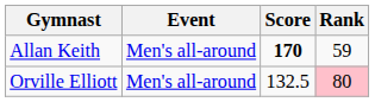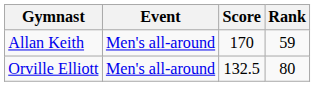 <table class="wikitable sortable">
 <tr>
 <th>Gymnast</th>
 <th>Event</th>
 <th>Score</th>
 <th>Rank</th>
 </tr>
 <tr align=center>
 <td align=left><a href='#'>Allan Keith</a></td>
 <td align=left><a href='#'>Men's all-around</a></td>
-<td><strong>170</strong></td>
+<td>170</td>
 <td>59</td>
 </tr>
 <tr align=center>
 <td align=left><a href='#'>Orville Elliott</a></td>
 <td align=left><a href='#'>Men's all-around</a></td>
 <td>132.5</td>
-<td style="background: pink;">80</td>
+<td>80</td>
 </tr>
 </table>
